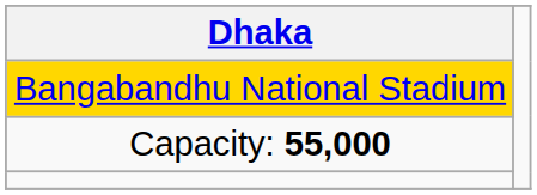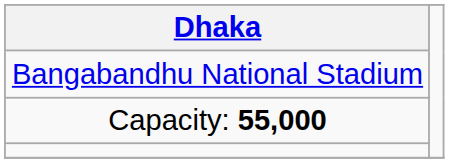 <table class="wikitable" style="text-align:center; margin:0.2em auto;">
 <tr>
 <th><a href='#'>Dhaka</a></th>
 <td rowspan="4"></td>
 </tr>
 <tr>
-<td style="background: gold;"><a href='#'>Bangabandhu National Stadium</a></td>
+<td><a href='#'>Bangabandhu National Stadium</a></td>
 </tr>
 <tr>
 <td>Capacity: <strong>55,000</strong></td>
 </tr>
 <tr>
 <td></td>
 </tr>
 <tr>
 </tr>
 </table>
